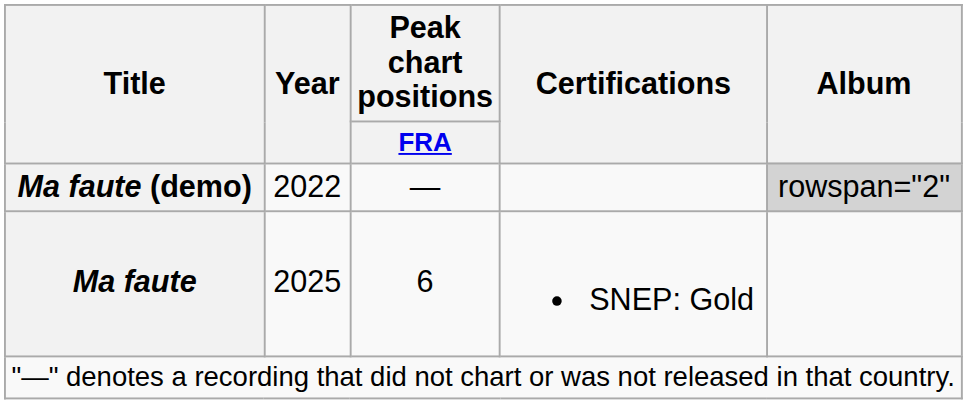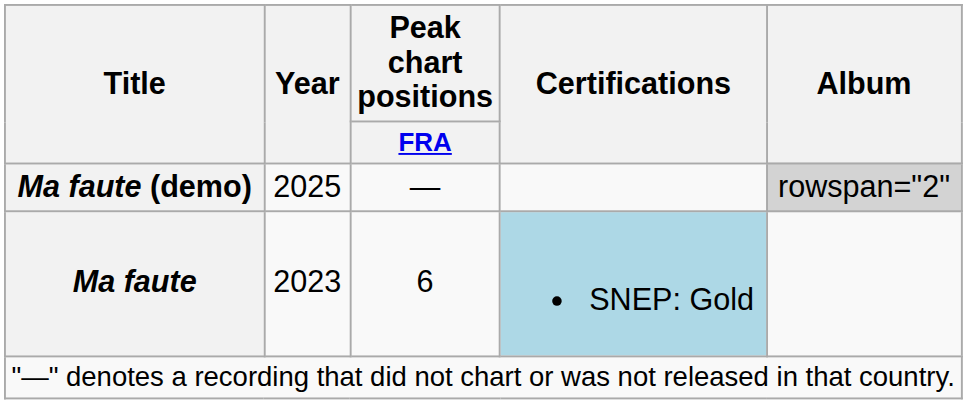 <table class="wikitable plainrowheaders" style="text-align:center;">
 <tr>
 <th scope="col" rowspan="2">Title</th>
 <th scope="col" rowspan="2">Year</th>
 <th scope="col" colspan="1">Peak chart positions</th>
 <th scope="col" rowspan="2">Certifications</th>
 <th scope="col" rowspan="2">Album</th>
 </tr>
 <tr>
 <th scope="col" style="width:2.75em;font-size:85%;"><a href='#'>FRA</a><br></th>
 </tr>
 <tr>
 <th scope="row"><em>Ma faute</em> (demo)</th>
-<td>2022</td>
+<td>2025</td>
 <td>—</td>
 <td></td>
 <td style="background: lightgrey;">rowspan="2" </td>
 </tr>
 <tr>
 <th scope="row"><em>Ma faute</em></th>
-<td>2025</td>
+<td>2023</td>
 <td>6</td>
-<td><br><ul><li>SNEP: Gold</li></ul></td>
+<td style="background: lightblue;"><br><ul><li>SNEP: Gold</li></ul></td>
 </tr>
 <tr>
 <td colspan="14" style="font-size:90%">"—" denotes a recording that did not chart or was not released in that country.</td>
 </tr>
 </table>
